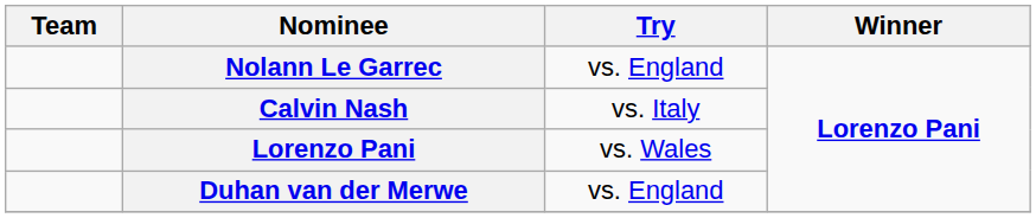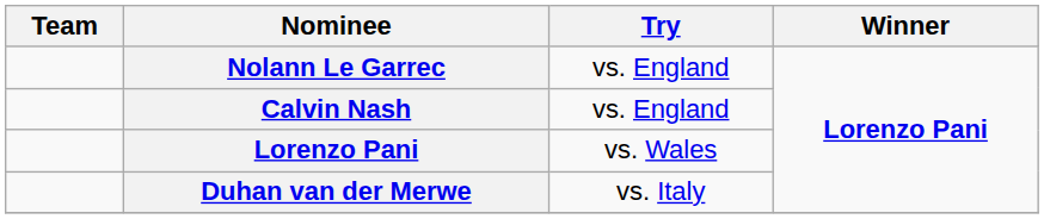 <table class="wikitable sortable" style="text-align:center;width:50%">
 <tr>
 <th>Team</th>
 <th>Nominee</th>
 <th><a href='#'>Try</a></th>
 <th>Winner</th>
 </tr>
 <tr>
 <td align=left></td>
 <th><a href='#'>Nolann Le Garrec</a></th>
 <td>vs. <a href='#'>England</a></td>
 <td rowspan=4> <strong><a href='#'>Lorenzo Pani</a></strong></td>
 </tr>
 <tr>
 <td align=left></td>
 <th><a href='#'>Calvin Nash</a></th>
-<td>vs. <a href='#'>Italy</a></td>
+<td>vs. <a href='#'>England</a></td>
 </tr>
 <tr>
 <td align=left></td>
 <th><a href='#'>Lorenzo Pani</a></th>
 <td>vs. <a href='#'>Wales</a></td>
 </tr>
 <tr>
 <td align=left></td>
 <th><a href='#'>Duhan van der Merwe</a></th>
-<td>vs. <a href='#'>England</a></td>
+<td>vs. <a href='#'>Italy</a></td>
 </tr>
 <tr>
 </tr>
 </table>
